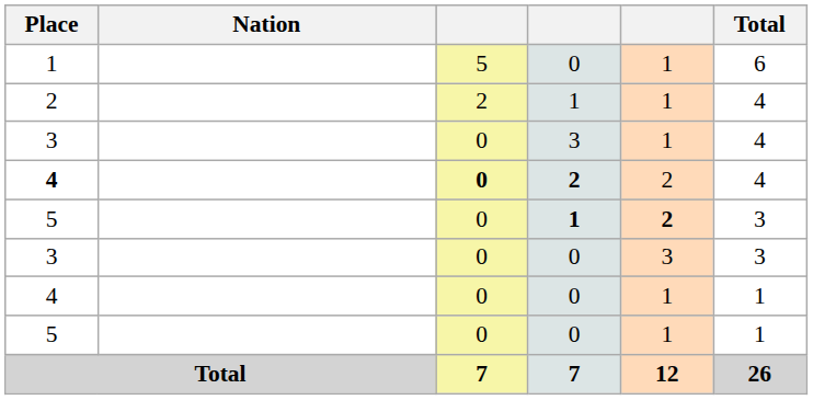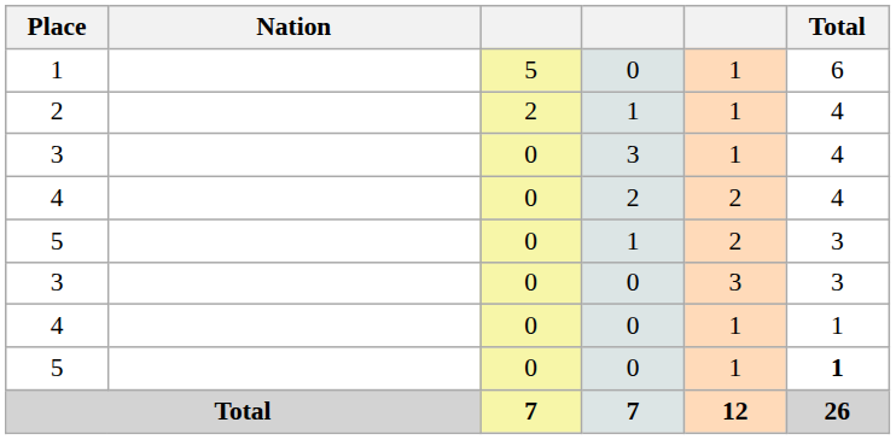 <table class=wikitable style="border:1px solid #AAAAAA;font-size:90%">
 <tr bgcolor="#EFEFEF">
 <th width=50>Place</th>
 <th width=200>Nation</th>
 <th width=50></th>
 <th width=50></th>
 <th width=50></th>
 <th width=50>Total</th>
 </tr>
 <tr align="center" valign="top" bgcolor="#FFFFFF">
 <td>1</td>
 <td align="left"></td>
 <td style="background:#F7F6A8;">5</td>
 <td style="background:#DCE5E5;">0</td>
 <td style="background:#FFDAB9;">1</td>
 <td>6</td>
 </tr>
 <tr align="center" valign="top" bgcolor="#FFFFFF">
 <td>2</td>
 <td align="left"></td>
 <td style="background:#F7F6A8;">2</td>
 <td style="background:#DCE5E5;">1</td>
 <td style="background:#FFDAB9;">1</td>
 <td>4</td>
 </tr>
 <tr align="center" valign="top" bgcolor="#FFFFFF">
 <td>3</td>
 <td align="left"></td>
 <td style="background:#F7F6A8;">0</td>
 <td style="background:#DCE5E5;">3</td>
 <td style="background:#FFDAB9;">1</td>
 <td>4</td>
 </tr>
 <tr align="center" valign="top" bgcolor="#FFFFFF">
-<td><strong>4</strong></td>
+<td>4</td>
 <td align="left"></td>
-<td style="background:#F7F6A8;"><strong>0</strong></td>
-<td style="background:#DCE5E5;"><strong>2</strong></td>
+<td style="background:#F7F6A8;">0</td>
+<td style="background:#DCE5E5;">2</td>
 <td style="background:#FFDAB9;">2</td>
 <td>4</td>
 </tr>
 <tr align="center" valign="top" bgcolor="#FFFFFF">
 <td>5</td>
 <td align="left"></td>
 <td style="background:#F7F6A8;">0</td>
-<td style="background:#DCE5E5;"><strong>1</strong></td>
-<td style="background:#FFDAB9;"><strong>2</strong></td>
+<td style="background:#DCE5E5;">1</td>
+<td style="background:#FFDAB9;">2</td>
 <td>3</td>
 </tr>
 <tr align="center" valign="top" bgcolor="#FFFFFF">
 <td>3</td>
 <td align="left"></td>
 <td style="background:#F7F6A8;">0</td>
 <td style="background:#DCE5E5;">0</td>
 <td style="background:#FFDAB9;">3</td>
 <td>3</td>
 </tr>
 <tr align="center" valign="top" bgcolor="#FFFFFF">
 <td>4</td>
 <td align="left"></td>
 <td style="background:#F7F6A8;">0</td>
 <td style="background:#DCE5E5;">0</td>
 <td style="background:#FFDAB9;">1</td>
 <td>1</td>
 </tr>
 <tr align="center" valign="top" bgcolor="#FFFFFF">
 <td>5</td>
 <td align="left"></td>
 <td style="background:#F7F6A8;">0</td>
 <td style="background:#DCE5E5;">0</td>
 <td style="background:#FFDAB9;">1</td>
-<td>1</td>
+<td><strong>1</strong></td>
 </tr>
 <tr align="center">
 <td colspan="2" bgcolor=D3D3D3><strong>Total</strong></td>
 <td style="background:#F7F6A8;"><strong>7</strong></td>
 <td style="background:#DCE5E5;"><strong>7</strong></td>
 <td style="background:#FFDAB9;"><strong>12</strong></td>
 <td bgcolor=D3D3D3><strong>26</strong></td>
 </tr>
 </table>
